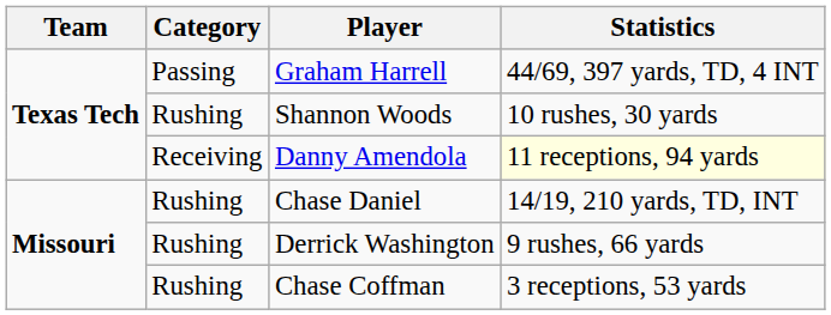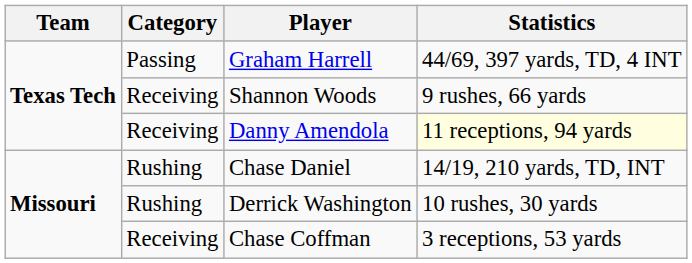 <table class="wikitable" style="float: right;">
 <tr>
 <th>Team</th>
 <th>Category</th>
 <th>Player</th>
 <th>Statistics</th>
 </tr>
 <tr>
 <td rowspan=3><strong>Texas Tech</strong></td>
 <td>Passing</td>
 <td><a href='#'>Graham Harrell</a></td>
 <td>44/69, 397 yards, TD, 4 INT</td>
 </tr>
 <tr>
-<td>Rushing</td>
+<td>Receiving</td>
 <td>Shannon Woods</td>
-<td>10 rushes, 30 yards</td>
+<td>9 rushes, 66 yards</td>
 </tr>
 <tr>
 <td>Receiving</td>
 <td><a href='#'>Danny Amendola</a></td>
 <td style="background: lightyellow;">11 receptions, 94 yards</td>
 </tr>
 <tr>
 <td rowspan=3><strong>Missouri</strong></td>
 <td>Rushing</td>
 <td>Chase Daniel</td>
 <td>14/19, 210 yards, TD, INT</td>
 </tr>
 <tr>
 <td>Rushing</td>
 <td>Derrick Washington</td>
-<td>9 rushes, 66 yards</td>
+<td>10 rushes, 30 yards</td>
 </tr>
 <tr>
-<td>Rushing</td>
+<td>Receiving</td>
 <td>Chase Coffman</td>
 <td>3 receptions, 53 yards</td>
 </tr>
 </table>
